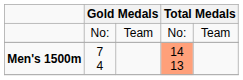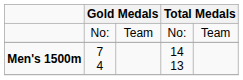 <table class="wikitable" style="text-align: center; font-size:95%;">
 <tr>
 <td></td>
 <th colspan=2>Gold Medals</th>
 <th colspan=2>Total Medals</th>
 </tr>
 <tr>
 <td></td>
 <td>No:</td>
 <td>Team</td>
 <td>No:</td>
 <td>Team</td>
 </tr>
 <tr>
 </tr>
 <tr>
 <td><strong>Men's 1500m</strong></td>
 <td>7 <br> 4</td>
 <td align="left"> <br> </td>
-<td style="background: lightsalmon;">14 <br> 13</td>
+<td>14 <br> 13</td>
 <td align="left"> <br> </td>
 </tr>
 <tr>
 </tr>
 </table>
